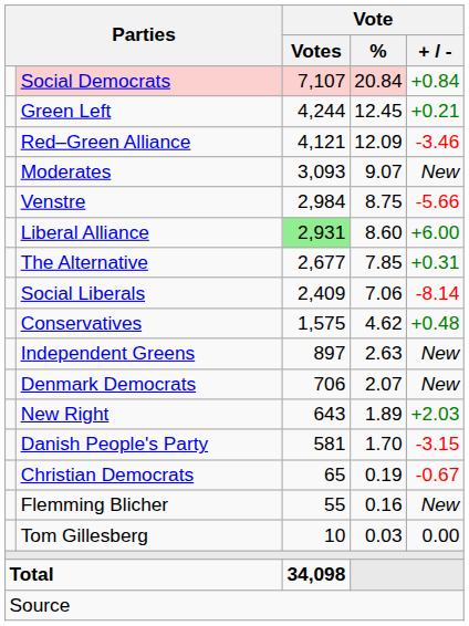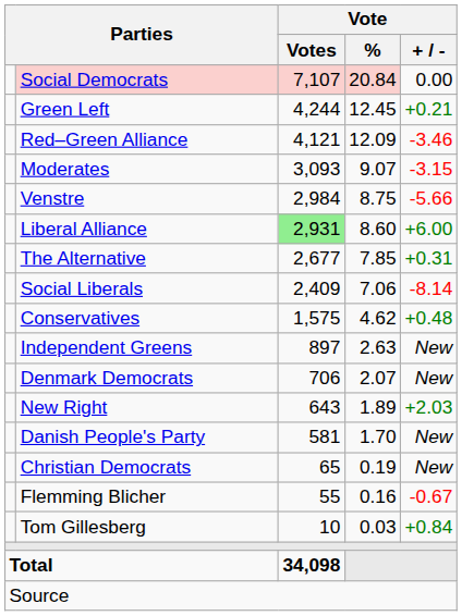 <table class="wikitable" style="text-align:right;">
 <tr>
 <th style="text-align:centre;" rowspan="2" colspan="2" width="225">Parties</th>
 <th colspan="3">Vote</th>
 </tr>
 <tr>
 <th width="15">Votes</th>
 <th width="15">%</th>
 <th width="15">+ / -</th>
 </tr>
 <tr>
 <td width="2" style="color:inherit;background:"></td>
 <td bgcolor=#fbd0ce  align="left"><a href='#'>Social Democrats</a></td>
 <td bgcolor=#fbd0ce>7,107</td>
 <td bgcolor=#fbd0ce>20.84</td>
-<td style=color:green;>+0.84</td>
+<td>0.00</td>
 </tr>
 <tr>
 <td width="2" style="color:inherit;background:"></td>
 <td align="left"><a href='#'>Green Left</a></td>
 <td>4,244</td>
 <td>12.45</td>
 <td style=color:green;>+0.21</td>
 </tr>
 <tr>
 <td width="2" style="color:inherit;background:"></td>
 <td align="left"><a href='#'>Red–Green Alliance</a></td>
 <td>4,121</td>
 <td>12.09</td>
 <td style=color:red;>-3.46</td>
 </tr>
 <tr>
 <td width="2" style="color:inherit;background:"></td>
 <td align="left"><a href='#'>Moderates</a></td>
 <td>3,093</td>
 <td>9.07</td>
-<td><em>New</em></td>
+<td style=color:red;>-3.15</td>
 </tr>
 <tr>
 <td width="2" style="color:inherit;background:"></td>
 <td align="left"><a href='#'>Venstre</a></td>
 <td>2,984</td>
 <td>8.75</td>
 <td style=color:red;>-5.66</td>
 </tr>
 <tr>
 <td width="2" style="color:inherit;background:"></td>
 <td align="left"><a href='#'>Liberal Alliance</a></td>
 <td style="background: lightgreen;">2,931</td>
 <td>8.60</td>
 <td style=color:green;>+6.00</td>
 </tr>
 <tr>
 <td width="2" style="color:inherit;background:"></td>
 <td align="left"><a href='#'>The Alternative</a></td>
 <td>2,677</td>
 <td>7.85</td>
 <td style=color:green;>+0.31</td>
 </tr>
 <tr>
 <td width="2" style="color:inherit;background:"></td>
 <td align="left"><a href='#'>Social Liberals</a></td>
 <td>2,409</td>
 <td>7.06</td>
 <td style=color:red;>-8.14</td>
 </tr>
 <tr>
 <td width="2" style="color:inherit;background:"></td>
 <td align="left"><a href='#'>Conservatives</a></td>
 <td>1,575</td>
 <td>4.62</td>
 <td style=color:green;>+0.48</td>
 </tr>
 <tr>
 <td width="2" style="color:inherit;background:"></td>
 <td align="left"><a href='#'>Independent Greens</a></td>
 <td>897</td>
 <td>2.63</td>
 <td><em>New</em></td>
 </tr>
 <tr>
 <td width="2" style="color:inherit;background:"></td>
 <td align="left"><a href='#'>Denmark Democrats</a></td>
 <td>706</td>
 <td>2.07</td>
 <td><em>New</em></td>
 </tr>
 <tr>
 <td width="2" style="color:inherit;background:"></td>
 <td align="left"><a href='#'>New Right</a></td>
 <td>643</td>
 <td>1.89</td>
 <td style=color:green;>+2.03</td>
 </tr>
 <tr>
 <td width="2" style="color:inherit;background:"></td>
 <td align="left"><a href='#'>Danish People's Party</a></td>
 <td>581</td>
 <td>1.70</td>
-<td style=color:red;>-3.15</td>
+<td><em>New</em></td>
 </tr>
 <tr>
 <td width="2" style="color:inherit;background:"></td>
 <td align="left"><a href='#'>Christian Democrats</a></td>
 <td>65</td>
 <td>0.19</td>
-<td style=color:red;>-0.67</td>
+<td><em>New</em></td>
 </tr>
 <tr>
 <td width="2" style="color:inherit;background:"></td>
 <td align="left">Flemming Blicher</td>
 <td>55</td>
 <td>0.16</td>
-<td><em>New</em></td>
+<td style=color:red;>-0.67</td>
 </tr>
 <tr>
 <td width="2" style="color:inherit;background:"></td>
 <td align="left">Tom Gillesberg</td>
 <td>10</td>
 <td>0.03</td>
-<td>0.00</td>
+<td style=color:green;>+0.84</td>
 </tr>
 <tr>
 <td colspan="7" bgcolor="#E9E9E9"></td>
 </tr>
 <tr>
 <td align="left" colspan="2"><strong>Total</strong></td>
 <td><strong>34,098</strong></td>
 <td bgcolor="#E9E9E9" colspan="2"></td>
 </tr>
 <tr>
 <td align="left" colspan="6">Source</td>
 </tr>
 </table>
